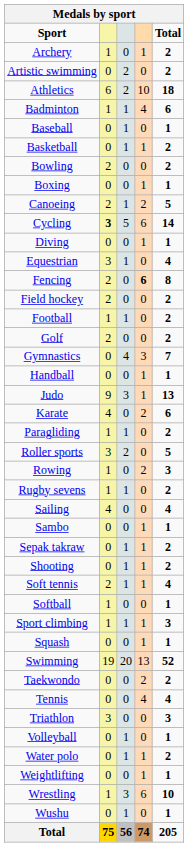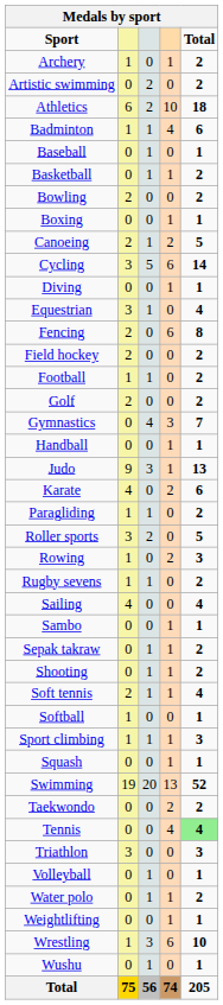 <table class=wikitable style="text-align:center">
 <tr style="background:#EFEFEF">
 <th colspan=7>Medals by sport</th>
 </tr>
 <tr>
 <td><strong>Sport</strong></td>
 <td style="background:#F7F6A8"></td>
 <td style="background:#DCE5E5"></td>
 <td style="background:#FFDBA9"></td>
 <td><strong>Total</strong></td>
 </tr>
 <tr>
 <td><a href='#'>Archery</a></td>
 <td style="background:#F7F6A8">1</td>
 <td style="background:#DCE5E5">0</td>
 <td style="background:#FFDAB9">1</td>
 <td><strong>2</strong></td>
 </tr>
 <tr>
 <td><a href='#'>Artistic swimming</a></td>
 <td style="background:#F7F6A8">0</td>
 <td style="background:#DCE5E5">2</td>
 <td style="background:#FFDAB9">0</td>
 <td><strong>2</strong></td>
 </tr>
 <tr>
 <td><a href='#'>Athletics</a></td>
 <td style="background:#F7F6A8">6</td>
 <td style="background:#DCE5E5">2</td>
 <td style="background:#FFDAB9">10</td>
 <td><strong>18</strong></td>
 </tr>
 <tr>
 <td><a href='#'>Badminton</a></td>
 <td style="background:#F7F6A8">1</td>
 <td style="background:#DCE5E5">1</td>
 <td style="background:#FFDAB9">4</td>
 <td><strong>6</strong></td>
 </tr>
 <tr>
 <td><a href='#'>Baseball</a></td>
 <td style="background:#F7F6A8">0</td>
 <td style="background:#DCE5E5">1</td>
 <td style="background:#FFDAB9">0</td>
 <td><strong>1</strong></td>
 </tr>
 <tr>
 <td><a href='#'>Basketball</a></td>
 <td style="background:#F7F6A8">0</td>
 <td style="background:#DCE5E5">1</td>
 <td style="background:#FFDAB9">1</td>
 <td><strong>2</strong></td>
 </tr>
 <tr>
 <td><a href='#'>Bowling</a></td>
 <td style="background:#F7F6A8">2</td>
 <td style="background:#DCE5E5">0</td>
 <td style="background:#FFDAB9">0</td>
 <td><strong>2</strong></td>
 </tr>
 <tr>
 <td><a href='#'>Boxing</a></td>
 <td style="background:#F7F6A8">0</td>
 <td style="background:#DCE5E5">0</td>
 <td style="background:#FFDAB9">1</td>
 <td><strong>1</strong></td>
 </tr>
 <tr>
 <td><a href='#'>Canoeing</a></td>
 <td style="background:#F7F6A8">2</td>
 <td style="background:#DCE5E5">1</td>
 <td style="background:#FFDAB9">2</td>
 <td><strong>5</strong></td>
 </tr>
 <tr>
 <td><a href='#'>Cycling</a></td>
-<td style="background:#F7F6A8"><strong>3</strong></td>
+<td style="background:#F7F6A8">3</td>
 <td style="background:#DCE5E5">5</td>
 <td style="background:#FFDAB9">6</td>
 <td><strong>14</strong></td>
 </tr>
 <tr>
 <td><a href='#'>Diving</a></td>
 <td style="background:#F7F6A8">0</td>
 <td style="background:#DCE5E5">0</td>
 <td style="background:#FFDAB9">1</td>
 <td><strong>1</strong></td>
 </tr>
 <tr>
 <td><a href='#'>Equestrian</a></td>
 <td style="background:#F7F6A8">3</td>
 <td style="background:#DCE5E5">1</td>
 <td style="background:#FFDAB9">0</td>
 <td><strong>4</strong></td>
 </tr>
 <tr>
 <td><a href='#'>Fencing</a></td>
 <td style="background:#F7F6A8">2</td>
 <td style="background:#DCE5E5">0</td>
-<td style="background:#FFDAB9"><strong>6</strong></td>
+<td style="background:#FFDAB9">6</td>
 <td><strong>8</strong></td>
 </tr>
 <tr>
 <td><a href='#'>Field hockey</a></td>
 <td style="background:#F7F6A8">2</td>
 <td style="background:#DCE5E5">0</td>
 <td style="background:#FFDAB9">0</td>
 <td><strong>2</strong></td>
 </tr>
 <tr>
 <td><a href='#'>Football</a></td>
 <td style="background:#F7F6A8">1</td>
 <td style="background:#DCE5E5">1</td>
 <td style="background:#FFDAB9">0</td>
 <td><strong>2</strong></td>
 </tr>
 <tr>
 <td><a href='#'>Golf</a></td>
 <td style="background:#F7F6A8">2</td>
 <td style="background:#DCE5E5">0</td>
 <td style="background:#FFDAB9">0</td>
 <td><strong>2</strong></td>
 </tr>
 <tr>
 <td><a href='#'>Gymnastics</a></td>
 <td style="background:#F7F6A8">0</td>
 <td style="background:#DCE5E5">4</td>
 <td style="background:#FFDAB9">3</td>
 <td><strong>7</strong></td>
 </tr>
 <tr>
 <td><a href='#'>Handball</a></td>
 <td style="background:#F7F6A8">0</td>
 <td style="background:#DCE5E5">0</td>
 <td style="background:#FFDAB9">1</td>
 <td><strong>1</strong></td>
 </tr>
 <tr>
 <td><a href='#'>Judo</a></td>
 <td style="background:#F7F6A8">9</td>
 <td style="background:#DCE5E5">3</td>
 <td style="background:#FFDAB9">1</td>
 <td><strong>13</strong></td>
 </tr>
 <tr>
 <td><a href='#'>Karate</a></td>
 <td style="background:#F7F6A8">4</td>
 <td style="background:#DCE5E5">0</td>
 <td style="background:#FFDAB9">2</td>
 <td><strong>6</strong></td>
 </tr>
 <tr>
 <td><a href='#'>Paragliding</a></td>
 <td style="background:#F7F6A8">1</td>
 <td style="background:#DCE5E5">1</td>
 <td style="background:#FFDAB9">0</td>
 <td><strong>2</strong></td>
 </tr>
 <tr>
 <td><a href='#'>Roller sports</a></td>
 <td style="background:#F7F6A8">3</td>
 <td style="background:#DCE5E5">2</td>
 <td style="background:#FFDAB9">0</td>
 <td><strong>5</strong></td>
 </tr>
 <tr>
 <td><a href='#'>Rowing</a></td>
 <td style="background:#F7F6A8">1</td>
 <td style="background:#DCE5E5">0</td>
 <td style="background:#FFDAB9">2</td>
 <td><strong>3</strong></td>
 </tr>
 <tr>
 <td><a href='#'>Rugby sevens</a></td>
 <td style="background:#F7F6A8">1</td>
 <td style="background:#DCE5E5">1</td>
 <td style="background:#FFDAB9">0</td>
 <td><strong>2</strong></td>
 </tr>
 <tr>
 <td><a href='#'>Sailing</a></td>
 <td style="background:#F7F6A8">4</td>
 <td style="background:#DCE5E5">0</td>
 <td style="background:#FFDAB9">0</td>
 <td><strong>4</strong></td>
 </tr>
 <tr>
 <td><a href='#'>Sambo</a></td>
 <td style="background:#F7F6A8">0</td>
 <td style="background:#DCE5E5">0</td>
 <td style="background:#FFDAB9">1</td>
 <td><strong>1</strong></td>
 </tr>
 <tr>
 <td><a href='#'>Sepak takraw</a></td>
 <td style="background:#F7F6A8">0</td>
 <td style="background:#DCE5E5">1</td>
 <td style="background:#FFDAB9">1</td>
 <td><strong>2</strong></td>
 </tr>
 <tr>
 <td><a href='#'>Shooting</a></td>
 <td style="background:#F7F6A8">0</td>
 <td style="background:#DCE5E5">1</td>
 <td style="background:#FFDAB9">1</td>
 <td><strong>2</strong></td>
 </tr>
 <tr>
 <td><a href='#'>Soft tennis</a></td>
 <td style="background:#F7F6A8">2</td>
 <td style="background:#DCE5E5">1</td>
 <td style="background:#FFDAB9">1</td>
 <td><strong>4</strong></td>
 </tr>
 <tr>
 <td><a href='#'>Softball</a></td>
 <td style="background:#F7F6A8">1</td>
 <td style="background:#DCE5E5">0</td>
 <td style="background:#FFDAB9">0</td>
 <td><strong>1</strong></td>
 </tr>
 <tr>
 <td><a href='#'>Sport climbing</a></td>
 <td style="background:#F7F6A8">1</td>
 <td style="background:#DCE5E5">1</td>
 <td style="background:#FFDAB9">1</td>
 <td><strong>3</strong></td>
 </tr>
 <tr>
 <td><a href='#'>Squash</a></td>
 <td style="background:#F7F6A8">0</td>
 <td style="background:#DCE5E5">0</td>
 <td style="background:#FFDAB9">1</td>
 <td><strong>1</strong></td>
 </tr>
 <tr>
 <td><a href='#'>Swimming</a></td>
 <td style="background:#F7F6A8">19</td>
 <td style="background:#DCE5E5">20</td>
 <td style="background:#FFDAB9">13</td>
 <td><strong>52</strong></td>
 </tr>
 <tr>
 <td><a href='#'>Taekwondo</a></td>
 <td style="background:#F7F6A8">0</td>
 <td style="background:#DCE5E5">0</td>
 <td style="background:#FFDAB9">2</td>
 <td><strong>2</strong></td>
 </tr>
 <tr>
 <td><a href='#'>Tennis</a></td>
 <td style="background:#F7F6A8">0</td>
 <td style="background:#DCE5E5">0</td>
 <td style="background:#FFDAB9">4</td>
-<td><strong>4</strong></td>
+<td style="background: lightgreen;"><strong>4</strong></td>
 </tr>
 <tr>
 <td><a href='#'>Triathlon</a></td>
 <td style="background:#F7F6A8">3</td>
 <td style="background:#DCE5E5">0</td>
 <td style="background:#FFDAB9">0</td>
 <td><strong>3</strong></td>
 </tr>
 <tr>
 <td><a href='#'>Volleyball</a></td>
 <td style="background:#F7F6A8">0</td>
 <td style="background:#DCE5E5">1</td>
 <td style="background:#FFDAB9">0</td>
 <td><strong>1</strong></td>
 </tr>
 <tr>
 <td><a href='#'>Water polo</a></td>
 <td style="background:#F7F6A8">0</td>
 <td style="background:#DCE5E5">1</td>
 <td style="background:#FFDAB9">1</td>
 <td><strong>2</strong></td>
 </tr>
 <tr>
 <td><a href='#'>Weightlifting</a></td>
 <td style="background:#F7F6A8">0</td>
 <td style="background:#DCE5E5">0</td>
 <td style="background:#FFDAB9">1</td>
 <td><strong>1</strong></td>
 </tr>
 <tr>
 <td><a href='#'>Wrestling</a></td>
 <td style="background:#F7F6A8">1</td>
 <td style="background:#DCE5E5">3</td>
 <td style="background:#FFDAB9">6</td>
 <td><strong>10</strong></td>
 </tr>
 <tr>
 <td><a href='#'>Wushu</a></td>
 <td style="background:#F7F6A8">0</td>
 <td style="background:#DCE5E5">1</td>
 <td style="background:#FFDAB9">0</td>
 <td><strong>1</strong></td>
 </tr>
 <tr>
 <th>Total</th>
 <td style="background:gold;"><strong>75</strong></td>
 <td style="background:silver;"><strong>56</strong></td>
 <td style="background:#c96;"><strong>74</strong></td>
 <td><strong>205</strong></td>
 </tr>
 </table>
